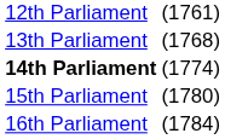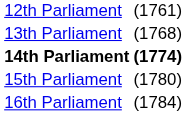 <table id=toc style="float:right">
 <tr>
 <td><a href='#'>12th Parliament</a></td>
 <td>(1761)</td>
 </tr>
 <tr>
 <td><a href='#'>13th Parliament</a></td>
 <td>(1768)</td>
 </tr>
 <tr>
 <td><strong>14th Parliament</strong></td>
-<td>(1774)</td>
+<td><strong>(1774)</strong></td>
 </tr>
 <tr>
 <td><a href='#'>15th Parliament</a></td>
 <td>(1780)</td>
 </tr>
 <tr>
 <td><a href='#'>16th Parliament</a></td>
 <td>(1784)</td>
 </tr>
 </table>
